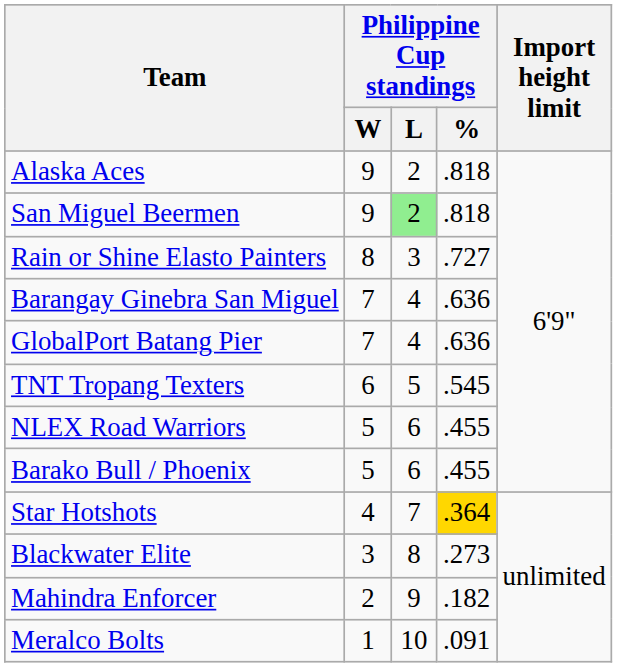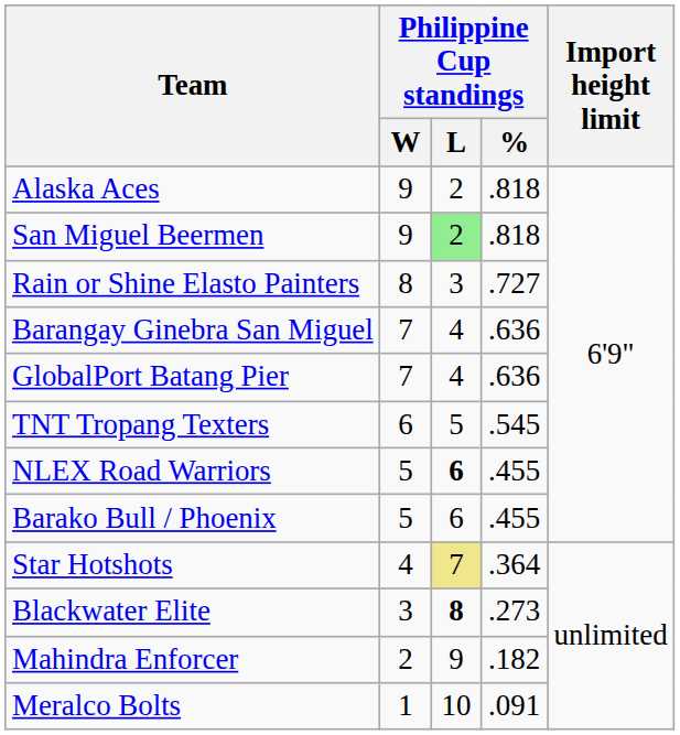 <table class=wikitable style="text-align:center;">
 <tr>
 <th rowspan=2>Team</th>
 <th colspan=3><a href='#'>Philippine Cup standings</a></th>
 <th rowspan=2>Import<br>height<br>limit</th>
 </tr>
 <tr>
 <th width=20px>W</th>
 <th width=20px>L</th>
 <th width=20px>%</th>
 </tr>
 <tr>
 <td style="text-align:left;"><a href='#'>Alaska Aces</a></td>
 <td>9</td>
 <td>2</td>
 <td>.818</td>
 <td rowspan=8>6'9"</td>
 </tr>
 <tr>
 <td style="text-align:left;"><a href='#'>San Miguel Beermen</a></td>
 <td>9</td>
 <td style="background: lightgreen;">2</td>
 <td>.818</td>
 </tr>
 <tr>
 <td style="text-align:left;"><a href='#'>Rain or Shine Elasto Painters</a></td>
 <td>8</td>
 <td>3</td>
 <td>.727</td>
 </tr>
 <tr>
 <td style="text-align:left;"><a href='#'>Barangay Ginebra San Miguel</a></td>
 <td>7</td>
 <td>4</td>
 <td>.636</td>
 </tr>
 <tr>
 <td style="text-align:left;"><a href='#'>GlobalPort Batang Pier</a></td>
 <td>7</td>
 <td>4</td>
 <td>.636</td>
 </tr>
 <tr>
 <td style="text-align:left;"><a href='#'>TNT Tropang Texters</a></td>
 <td>6</td>
 <td>5</td>
 <td>.545</td>
 </tr>
 <tr>
 <td style="text-align:left;"><a href='#'>NLEX Road Warriors</a></td>
 <td>5</td>
-<td>6</td>
+<td><strong>6</strong></td>
 <td>.455</td>
 </tr>
 <tr>
 <td style="text-align:left;"><a href='#'>Barako Bull / Phoenix</a></td>
 <td>5</td>
 <td>6</td>
 <td>.455</td>
 </tr>
 <tr>
 <td style="text-align:left;"><a href='#'>Star Hotshots</a></td>
 <td>4</td>
-<td>7</td>
-<td style="background: gold;">.364</td>
+<td style="background: khaki;">7</td>
+<td>.364</td>
 <td rowspan=4>unlimited</td>
 </tr>
 <tr>
 <td style="text-align:left;"><a href='#'>Blackwater Elite</a></td>
 <td>3</td>
-<td>8</td>
+<td><strong>8</strong></td>
 <td>.273</td>
 </tr>
 <tr>
 <td style="text-align:left;"><a href='#'>Mahindra Enforcer</a></td>
 <td>2</td>
 <td>9</td>
 <td>.182</td>
 </tr>
 <tr>
 <td style="text-align:left;"><a href='#'>Meralco Bolts</a></td>
 <td>1</td>
 <td>10</td>
 <td>.091</td>
 </tr>
 </table>
